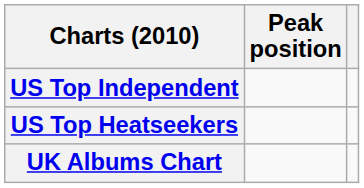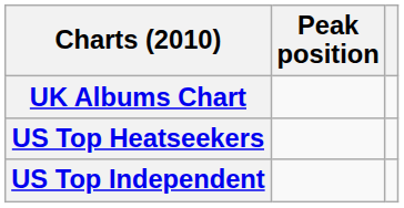 <table class="wikitable sortable plainrowheaders">
 <tr>
 <th>Charts (2010)</th>
 <th>Peak<br>position</th>
 <th class="unsortable" scope="col"></th>
 </tr>
 <tr>
-<th scope="row"><a href='#'>US Top Independent</a></th>
+<th scope="row"><a href='#'>UK Albums Chart</a></th>
 <td></td>
 <td></td>
 </tr>
 <tr>
 <th scope="row"><a href='#'>US Top Heatseekers</a></th>
 <td></td>
 <td></td>
 </tr>
 <tr>
-<th scope="row"><a href='#'>UK Albums Chart</a></th>
+<th scope="row"><a href='#'>US Top Independent</a></th>
 <td></td>
 <td></td>
 </tr>
 </table>
